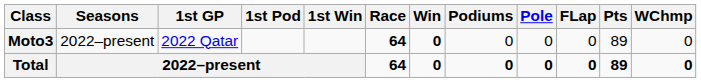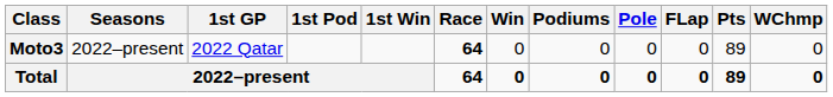 <table class="wikitable" style="text-align:right;">
 <tr>
 <th>Class</th>
 <th>Seasons</th>
 <th>1st GP</th>
 <th>1st Pod</th>
 <th>1st Win</th>
 <th>Race</th>
 <th>Win</th>
 <th>Podiums</th>
 <th><a href='#'>Pole</a></th>
 <th>FLap</th>
 <th>Pts</th>
 <th>WChmp</th>
 </tr>
 <tr>
 <th>Moto3</th>
 <td>2022–present</td>
 <td style="text-align:left;"><a href='#'>2022 Qatar</a></td>
 <td style="text-align:left;"></td>
 <td style="text-align:left;"></td>
 <td><strong>64</strong></td>
-<td><strong>0</strong></td>
+<td>0</td>
 <td>0</td>
 <td>0</td>
 <td>0</td>
 <td>89</td>
 <td>0</td>
 </tr>
 <tr>
 <th>Total</th>
 <th colspan="4">2022–present</th>
 <td><strong>64</strong></td>
 <td><strong>0</strong></td>
 <td><strong>0</strong></td>
 <td><strong>0</strong></td>
 <td><strong>0</strong></td>
 <td><strong>89</strong></td>
 <td><strong>0</strong></td>
 </tr>
 </table>
